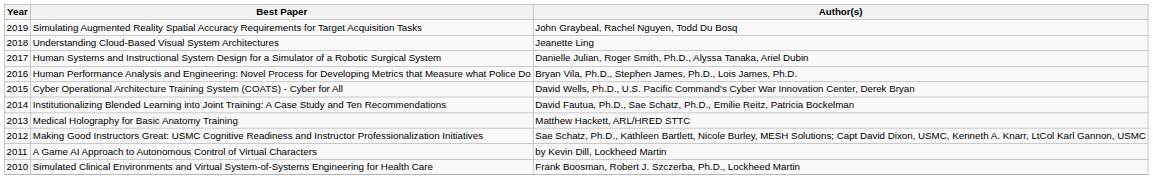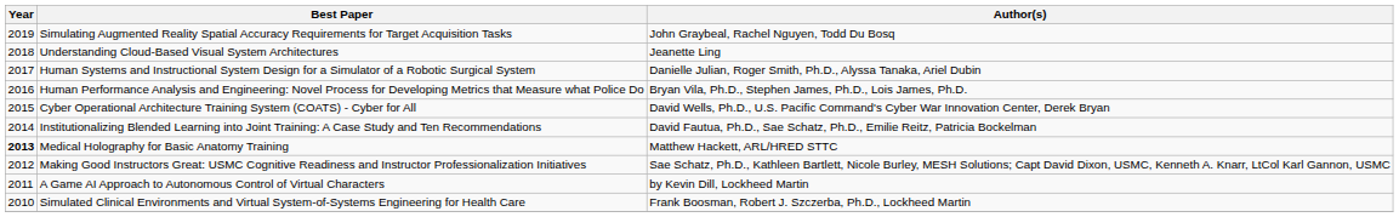 <table class="wikitable">
 <tr>
 <th>Year</th>
 <th>Best Paper</th>
 <th>Author(s)</th>
 </tr>
 <tr>
 <td>2019</td>
 <td>Simulating Augmented Reality Spatial Accuracy Requirements for Target Acquisition Tasks</td>
 <td>John Graybeal, Rachel Nguyen, Todd Du Bosq</td>
 </tr>
 <tr>
 <td>2018</td>
 <td>Understanding Cloud-Based Visual System Architectures</td>
 <td>Jeanette Ling</td>
 </tr>
 <tr>
 <td>2017</td>
 <td>Human Systems and Instructional System Design for a Simulator of a Robotic Surgical System</td>
 <td>Danielle Julian, Roger Smith, Ph.D., Alyssa Tanaka, Ariel Dubin</td>
 </tr>
 <tr>
 <td>2016</td>
 <td>Human Performance Analysis and Engineering: Novel Process for Developing Metrics that Measure what Police Do</td>
 <td>Bryan Vila, Ph.D., Stephen James, Ph.D., Lois James, Ph.D.</td>
 </tr>
 <tr>
 <td>2015</td>
 <td>Cyber Operational Architecture Training System (COATS) - Cyber for All</td>
 <td>David Wells, Ph.D., U.S. Pacific Command's Cyber War Innovation Center, Derek Bryan</td>
 </tr>
 <tr>
 <td>2014</td>
 <td>Institutionalizing Blended Learning into Joint Training: A Case Study and Ten Recommendations</td>
 <td>David Fautua, Ph.D., Sae Schatz, Ph.D., Emilie Reitz, Patricia Bockelman</td>
 </tr>
 <tr>
-<td>2013</td>
+<td><strong>2013</strong></td>
 <td>Medical Holography for Basic Anatomy Training</td>
 <td>Matthew Hackett, ARL/HRED STTC</td>
 </tr>
 <tr>
 <td>2012</td>
 <td>Making Good Instructors Great: USMC Cognitive Readiness and Instructor Professionalization Initiatives</td>
 <td>Sae Schatz, Ph.D., Kathleen Bartlett, Nicole Burley, MESH Solutions; Capt David Dixon, USMC, Kenneth A. Knarr, LtCol Karl Gannon, USMC</td>
 </tr>
 <tr>
 <td>2011</td>
 <td>A Game AI Approach to Autonomous Control of Virtual Characters</td>
 <td>by Kevin Dill, Lockheed Martin</td>
 </tr>
 <tr>
 <td>2010</td>
 <td>Simulated Clinical Environments and Virtual System-of-Systems Engineering for Health Care</td>
 <td>Frank Boosman, Robert J. Szczerba, Ph.D., Lockheed Martin</td>
 </tr>
 <tr>
 </tr>
 </table>
